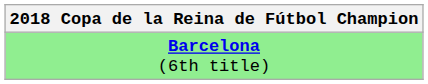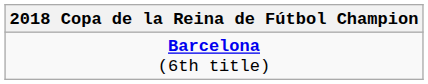 <table class=wikitable style="text-align:center; margin:auto">
 <tr>
 <th>2018 Copa de la Reina de Fútbol Champion</th>
 </tr>
 <tr>
-<td style="background: lightgreen;"> <strong><a href='#'>Barcelona</a></strong> <br> (6th title)</td>
+<td> <strong><a href='#'>Barcelona</a></strong> <br> (6th title)</td>
 </tr>
 </table>
